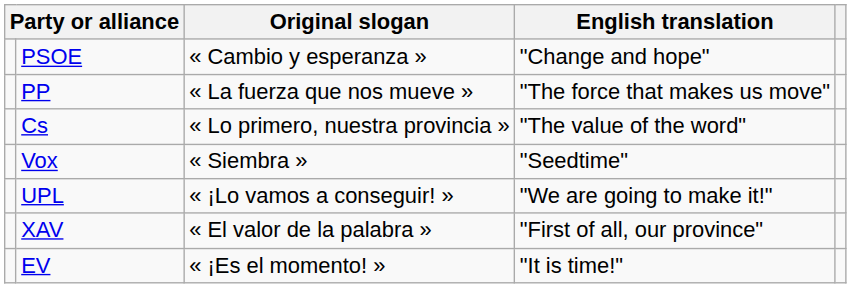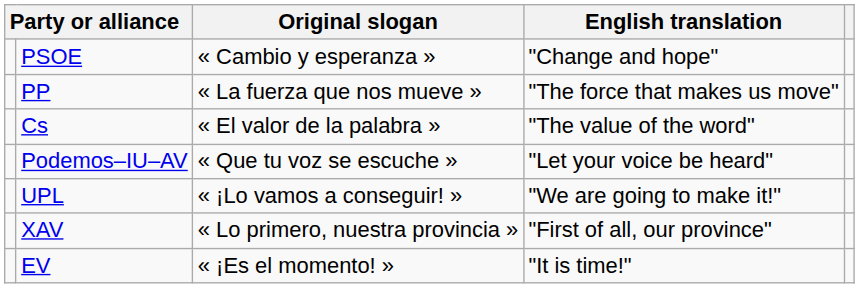 <table class="wikitable" style="text-align:left;">
 <tr>
 <th style="text-align:left;" colspan="2">Party or alliance</th>
 <th>Original slogan</th>
 <th>English translation</th>
 <th></th>
 </tr>
 <tr>
 <td width="1" style="color:inherit;background:"></td>
 <td><a href='#'>PSOE</a></td>
 <td>« Cambio y esperanza »</td>
 <td>"Change and hope"</td>
 <td></td>
 </tr>
 <tr>
 <td style="color:inherit;background:"></td>
 <td><a href='#'>PP</a></td>
 <td>« La fuerza que nos mueve »</td>
 <td>"The force that makes us move"</td>
 <td></td>
 </tr>
 <tr>
 <td style="color:inherit;background:"></td>
 <td><a href='#'>Cs</a></td>
-<td>« Lo primero, nuestra provincia »</td>
+<td>« El valor de la palabra »</td>
 <td>"The value of the word"</td>
 <td></td>
 </tr>
 <tr>
-<td style="color:inherit;background:"></td>
-<td><a href='#'>Vox</a></td>
-<td>« Siembra »</td>
-<td>"Seedtime"</td>
+<td></td>
+<td><a href='#'>Podemos–IU–AV</a></td>
+<td>« Que tu voz se escuche »</td>
+<td>"Let your voice be heard"</td>
 <td></td>
 </tr>
 <tr>
 <td style="color:inherit;background:"></td>
 <td><a href='#'>UPL</a></td>
 <td>« ¡Lo vamos a conseguir! »</td>
 <td>"We are going to make it!"</td>
 <td></td>
 </tr>
 <tr>
 <td style="color:inherit;background:"></td>
 <td><a href='#'>XAV</a></td>
-<td>« El valor de la palabra »</td>
+<td>« Lo primero, nuestra provincia »</td>
 <td>"First of all, our province"</td>
 <td></td>
 </tr>
 <tr>
 <td style="color:inherit;background:"></td>
 <td><a href='#'>EV</a></td>
 <td>« ¡Es el momento! »</td>
 <td>"It is time!"</td>
 <td></td>
 </tr>
 </table>
